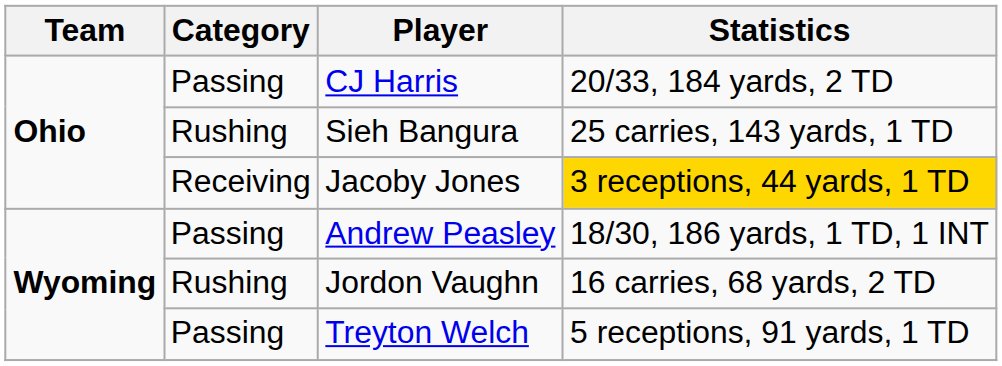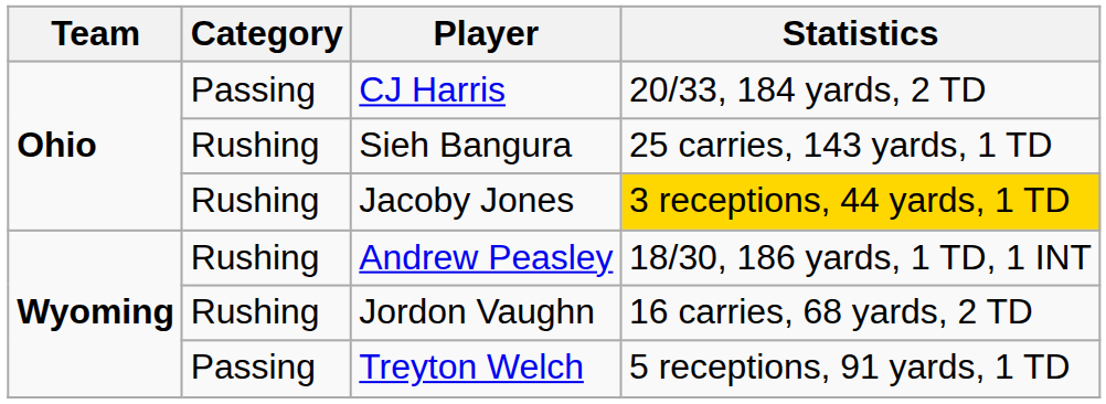 <table class="wikitable" style="float: right;">
 <tr>
 <th>Team</th>
 <th>Category</th>
 <th>Player</th>
 <th>Statistics</th>
 </tr>
 <tr>
 <td rowspan=3><strong>Ohio</strong></td>
 <td>Passing</td>
 <td><a href='#'>CJ Harris</a></td>
 <td>20/33, 184 yards, 2 TD</td>
 </tr>
 <tr>
 <td>Rushing</td>
 <td>Sieh Bangura</td>
 <td>25 carries, 143 yards, 1 TD</td>
 </tr>
 <tr>
-<td>Receiving</td>
+<td>Rushing</td>
 <td>Jacoby Jones</td>
 <td style="background: gold;">3 receptions, 44 yards, 1 TD</td>
 </tr>
 <tr>
 <td rowspan=3><strong>Wyoming</strong></td>
-<td>Passing</td>
+<td>Rushing</td>
 <td><a href='#'>Andrew Peasley</a></td>
 <td>18/30, 186 yards, 1 TD, 1 INT</td>
 </tr>
 <tr>
 <td>Rushing</td>
 <td>Jordon Vaughn</td>
 <td>16 carries, 68 yards, 2 TD</td>
 </tr>
 <tr>
 <td>Passing</td>
 <td><a href='#'>Treyton Welch</a></td>
 <td>5 receptions, 91 yards, 1 TD</td>
 </tr>
 </table>
